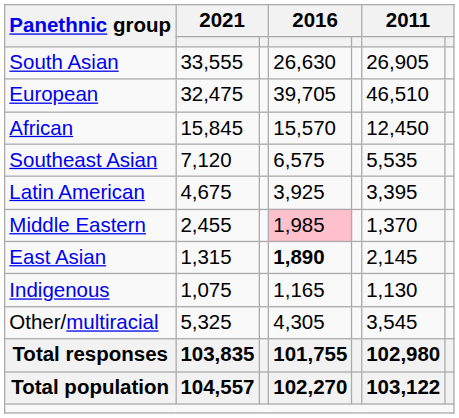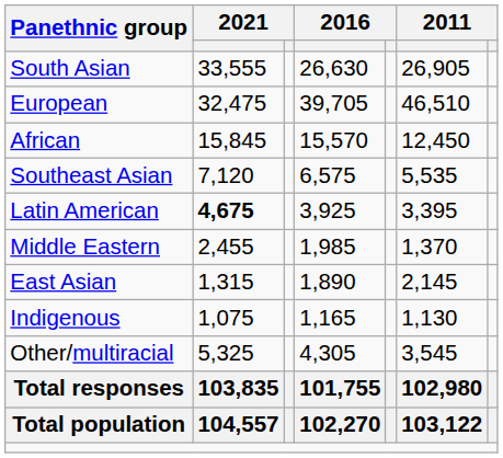 <table class="wikitable collapsible sortable">
 <tr>
 <th rowspan="2"><a href='#'>Panethnic</a> group</th>
 <th colspan="2">2021</th>
 <th colspan="2">2016</th>
 <th colspan="2">2011</th>
 </tr>
 <tr>
 <th><a href='#'></a></th>
 <th></th>
 <th></th>
 <th></th>
 <th></th>
 <th></th>
 </tr>
 <tr>
 <td><a href='#'>South Asian</a></td>
 <td>33,555</td>
 <td></td>
 <td>26,630</td>
 <td></td>
 <td>26,905</td>
 <td></td>
 </tr>
 <tr>
 <td><a href='#'>European</a></td>
 <td>32,475</td>
 <td></td>
 <td>39,705</td>
 <td></td>
 <td>46,510</td>
 <td></td>
 </tr>
 <tr>
 <td><a href='#'>African</a></td>
 <td>15,845</td>
 <td></td>
 <td>15,570</td>
 <td></td>
 <td>12,450</td>
 <td></td>
 </tr>
 <tr>
 <td><a href='#'>Southeast Asian</a></td>
 <td>7,120</td>
 <td></td>
 <td>6,575</td>
 <td></td>
 <td>5,535</td>
 <td></td>
 </tr>
 <tr>
 <td><a href='#'>Latin American</a></td>
-<td>4,675</td>
+<td><strong>4,675</strong></td>
 <td></td>
 <td>3,925</td>
 <td></td>
 <td>3,395</td>
 <td></td>
 </tr>
 <tr>
 <td><a href='#'>Middle Eastern</a></td>
 <td>2,455</td>
 <td></td>
-<td style="background: pink;">1,985</td>
+<td>1,985</td>
 <td></td>
 <td>1,370</td>
 <td></td>
 </tr>
 <tr>
 <td><a href='#'>East Asian</a></td>
 <td>1,315</td>
 <td></td>
-<td><strong>1,890</strong></td>
+<td>1,890</td>
 <td></td>
 <td>2,145</td>
 <td></td>
 </tr>
 <tr>
 <td><a href='#'>Indigenous</a></td>
 <td>1,075</td>
 <td></td>
 <td>1,165</td>
 <td></td>
 <td>1,130</td>
 <td></td>
 </tr>
 <tr>
 <td>Other/<a href='#'>multiracial</a></td>
 <td>5,325</td>
 <td></td>
 <td>4,305</td>
 <td></td>
 <td>3,545</td>
 <td></td>
 </tr>
 <tr>
 <th>Total responses</th>
 <th>103,835</th>
 <th></th>
 <th>101,755</th>
 <th></th>
 <th>102,980</th>
 <th></th>
 </tr>
 <tr class="sortbottom">
 <th>Total population</th>
 <th>104,557</th>
 <th></th>
 <th>102,270</th>
 <th></th>
 <th>103,122</th>
 <th></th>
 </tr>
 <tr class="sortbottom">
 <td colspan="15"></td>
 </tr>
 </table>
